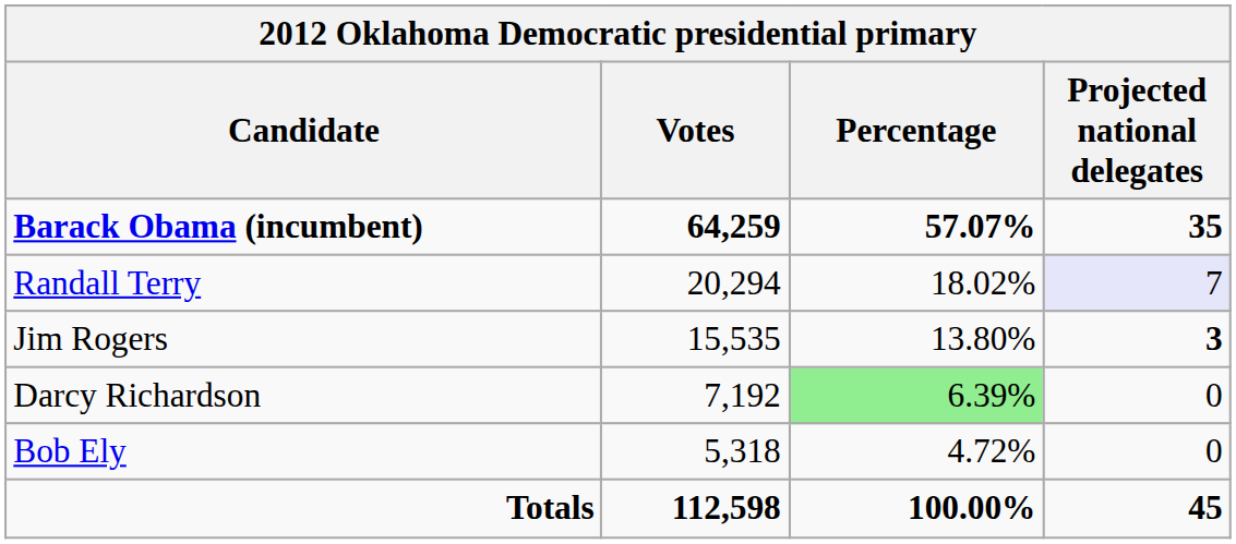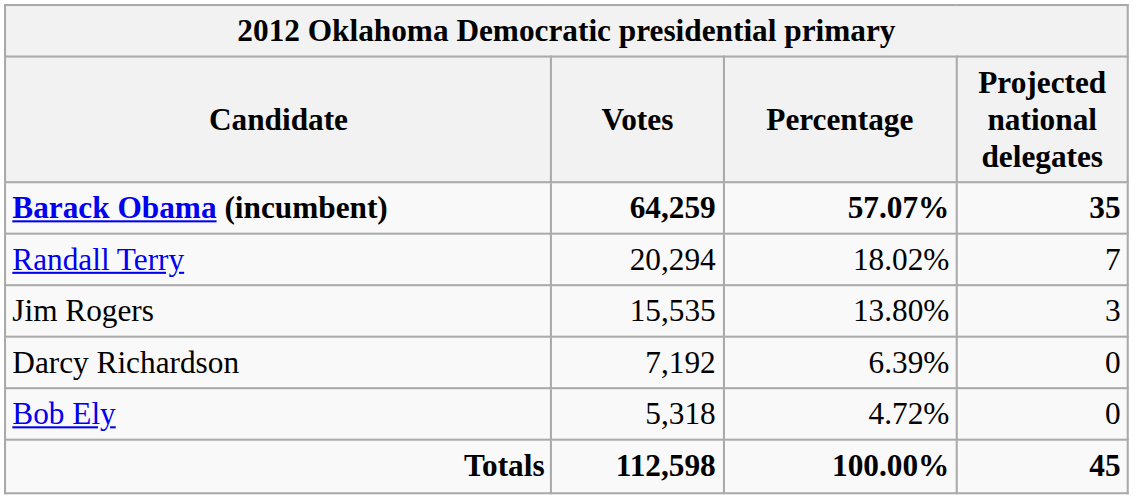 <table class="wikitable" style="font-size: 95%; text-align:right;">
 <tr>
 <th colspan="4">2012 Oklahoma Democratic presidential primary</th>
 </tr>
 <tr>
 <th style="width: 17em">Candidate</th>
 <th style="width: 5em">Votes</th>
 <th style="width: 7em">Percentage</th>
 <th style="width: 5em">Projected national delegates</th>
 </tr>
 <tr align="right" >
 <td align="left"> <strong><a href='#'>Barack Obama</a></strong> <strong>(incumbent)</strong></td>
 <td><strong>64,259</strong></td>
 <td><strong>57.07%</strong></td>
 <td><strong>35</strong></td>
 </tr>
 <tr>
 <td align="left"><a href='#'>Randall Terry</a></td>
 <td>20,294</td>
 <td>18.02%</td>
-<td style="background: lavender;">7</td>
+<td>7</td>
 </tr>
 <tr>
 <td align="left">Jim Rogers</td>
 <td>15,535</td>
 <td>13.80%</td>
-<td><strong>3</strong></td>
+<td>3</td>
 </tr>
 <tr>
 <td align="left">Darcy Richardson</td>
 <td>7,192</td>
-<td style="background: lightgreen;">6.39%</td>
+<td>6.39%</td>
 <td>0</td>
 </tr>
 <tr>
 <td style="text-align:left;"><a href='#'>Bob Ely</a></td>
 <td>5,318</td>
 <td>4.72%</td>
 <td>0</td>
 </tr>
 <tr>
 <td><strong>Totals</strong></td>
 <td><strong>112,598</strong></td>
 <td><strong>100.00%</strong></td>
 <td><strong>45</strong></td>
 </tr>
 </table>
